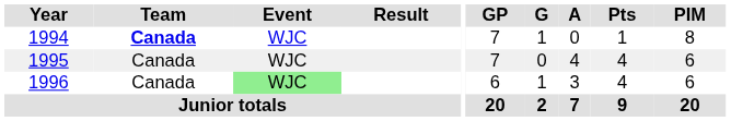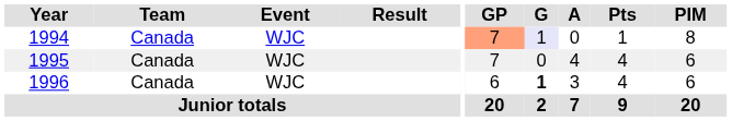 <table border="0" cellpadding="1" cellspacing="0" ID="Table3" style="text-align:center; width:40em">
 <tr ALIGN="center" bgcolor="#e0e0e0">
 <th>Year</th>
 <th>Team</th>
 <th>Event</th>
 <th>Result</th>
 <th rowspan="99" bgcolor="#ffffff"></th>
 <th>GP</th>
 <th>G</th>
 <th>A</th>
 <th>Pts</th>
 <th>PIM</th>
 </tr>
 <tr>
 <td><a href='#'>1994</a></td>
-<td><strong><a href='#'>Canada</a></strong></td>
+<td><a href='#'>Canada</a></td>
 <td><a href='#'>WJC</a></td>
 <td></td>
-<td>7</td>
-<td>1</td>
+<td style="background: lightsalmon;">7</td>
+<td style="background: lavender;">1</td>
 <td>0</td>
 <td>1</td>
 <td>8</td>
 </tr>
 <tr bgcolor="#f0f0f0">
 <td><a href='#'>1995</a></td>
 <td>Canada</td>
 <td>WJC</td>
 <td></td>
 <td>7</td>
 <td>0</td>
 <td>4</td>
 <td>4</td>
 <td>6</td>
 </tr>
 <tr>
 <td><a href='#'>1996</a></td>
 <td>Canada</td>
-<td style="background: lightgreen;">WJC</td>
+<td>WJC</td>
 <td></td>
 <td>6</td>
-<td>1</td>
+<td><strong>1</strong></td>
 <td>3</td>
 <td>4</td>
 <td>6</td>
 </tr>
 <tr bgcolor="#e0e0e0">
 <th colspan="4">Junior totals</th>
 <th>20</th>
 <th>2</th>
 <th>7</th>
 <th>9</th>
 <th>20</th>
 </tr>
 </table>
